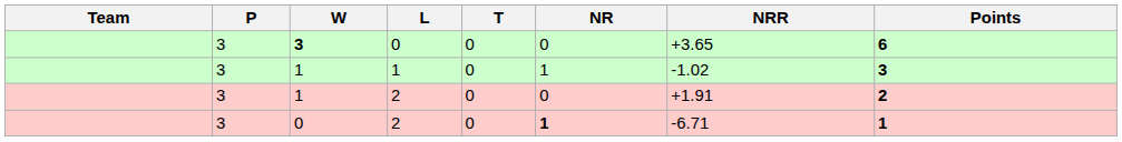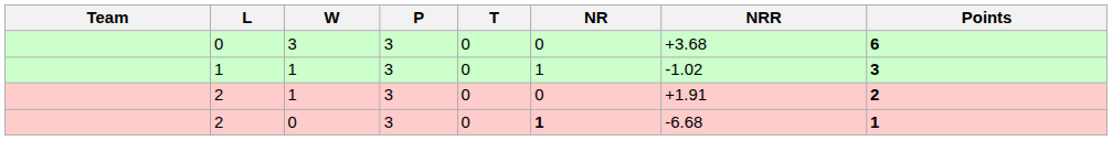 <table class="wikitable" width="85%">
 <tr>
 <th>Team</th>
+<th>L</th>
+<th>W</th>
 <th>P</th>
-<th>W</th>
-<th>L</th>
 <th>T</th>
 <th>NR</th>
 <th>NRR</th>
 <th>Points</th>
 </tr>
 <tr bgcolor="ccffcc">
 <td align="left"></td>
+<td>0</td>
 <td>3</td>
-<td><strong>3</strong></td>
+<td>3</td>
 <td>0</td>
 <td>0</td>
-<td>0</td>
-<td>+3.65</td>
+<td>+3.68</td>
 <td><strong>6</strong></td>
 </tr>
 <tr bgcolor="ccffcc">
 <td align="left"></td>
-<td>3</td>
 <td>1</td>
 <td>1</td>
+<td>3</td>
 <td>0</td>
 <td>1</td>
 <td>-1.02</td>
 <td><strong>3</strong></td>
 </tr>
 <tr bgcolor="ffcccc">
 <td align="left"></td>
+<td>2</td>
+<td>1</td>
 <td>3</td>
-<td>1</td>
-<td>2</td>
 <td>0</td>
 <td>0</td>
 <td>+1.91</td>
 <td><strong>2</strong></td>
 </tr>
 <tr bgcolor="ffcccc">
 <td align="left"></td>
+<td>2</td>
+<td>0</td>
 <td>3</td>
 <td>0</td>
-<td>2</td>
-<td>0</td>
 <td><strong>1</strong></td>
-<td>-6.71</td>
+<td>-6.68</td>
 <td><strong>1</strong></td>
 </tr>
 </table>
